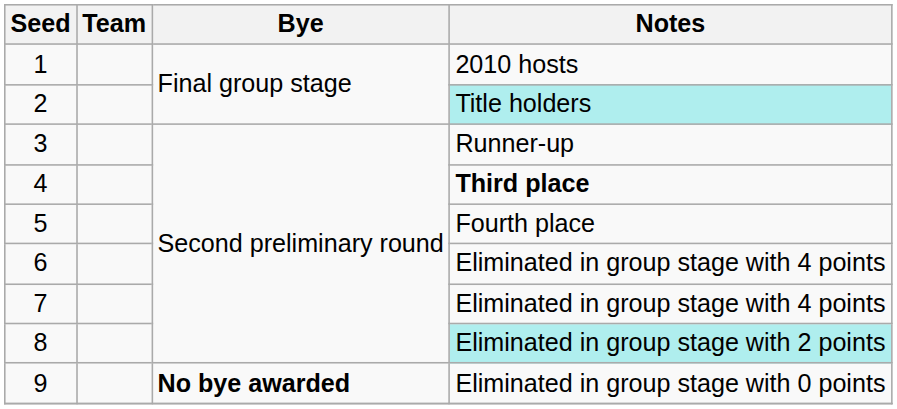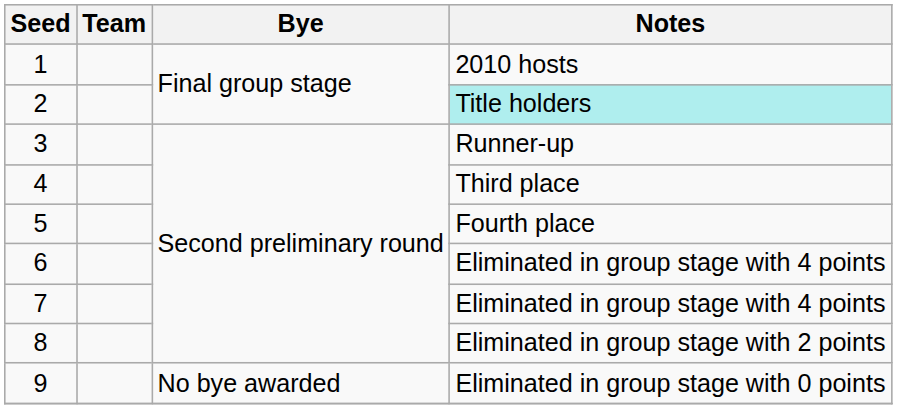 <table class="wikitable">
 <tr>
 <th>Seed</th>
 <th>Team</th>
 <th>Bye</th>
 <th>Notes</th>
 </tr>
 <tr>
 <td align=center>1</td>
 <td></td>
 <td rowspan=2>Final group stage</td>
 <td>2010 hosts</td>
 </tr>
 <tr>
 <td align=center>2</td>
 <td></td>
 <td style="background: paleturquoise;">Title holders</td>
 </tr>
 <tr>
 <td align=center>3</td>
 <td></td>
 <td rowspan=6>Second preliminary round</td>
 <td>Runner-up</td>
 </tr>
 <tr>
 <td align=center>4</td>
 <td></td>
-<td><strong>Third place</strong></td>
+<td>Third place</td>
 </tr>
 <tr>
 <td align=center>5</td>
 <td></td>
 <td>Fourth place</td>
 </tr>
 <tr>
 <td align=center>6</td>
 <td></td>
 <td>Eliminated in group stage with 4 points</td>
 </tr>
 <tr>
 <td align=center>7</td>
 <td></td>
 <td>Eliminated in group stage with 4 points</td>
 </tr>
 <tr>
 <td align=center>8</td>
 <td></td>
-<td style="background: paleturquoise;">Eliminated in group stage with 2 points</td>
+<td>Eliminated in group stage with 2 points</td>
 </tr>
 <tr>
 <td align=center>9</td>
 <td></td>
-<td rowspan=1><strong>No bye awarded</strong></td>
+<td rowspan=1>No bye awarded</td>
 <td>Eliminated in group stage with 0 points</td>
 </tr>
 <tr>
 </tr>
 </table>
